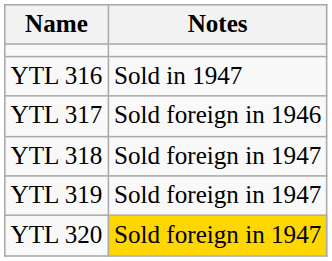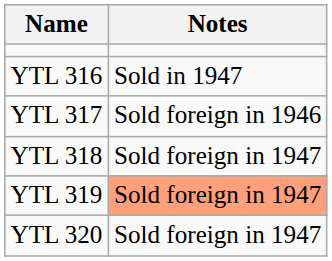 <table class="wikitable">
 <tr>
 <th>Name</th>
 <th>Notes</th>
 </tr>
 <tr>
 <td></td>
 </tr>
 <tr>
 <td>YTL 316</td>
 <td>Sold in 1947</td>
 </tr>
 <tr>
 <td>YTL 317</td>
 <td>Sold foreign in 1946</td>
 </tr>
 <tr>
 <td>YTL 318</td>
 <td>Sold foreign in 1947</td>
 </tr>
 <tr>
 <td>YTL 319</td>
-<td>Sold foreign in 1947</td>
+<td style="background: lightsalmon;">Sold foreign in 1947</td>
 </tr>
 <tr>
 <td>YTL 320</td>
-<td style="background: gold;">Sold foreign in 1947</td>
+<td>Sold foreign in 1947</td>
 </tr>
 </table>
